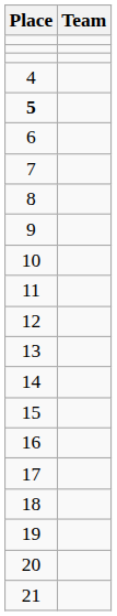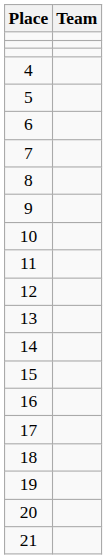 <table class="wikitable">
 <tr>
 <th>Place</th>
 <th>Team</th>
 </tr>
 <tr>
 <td align=center></td>
 <td></td>
 </tr>
 <tr>
 <td align=center></td>
 <td></td>
 </tr>
 <tr>
 <td align=center></td>
 <td></td>
 </tr>
 <tr>
 <td align=center>4</td>
 <td></td>
 </tr>
 <tr>
-<td align=center><strong>5</strong></td>
+<td align=center>5</td>
 <td></td>
 </tr>
 <tr>
 <td align=center>6</td>
 <td></td>
 </tr>
 <tr>
 <td align=center>7</td>
 <td></td>
 </tr>
 <tr>
 <td align=center>8</td>
 <td></td>
 </tr>
 <tr>
 <td align=center>9</td>
 <td></td>
 </tr>
 <tr>
 <td align=center>10</td>
 <td></td>
 </tr>
 <tr>
 <td align=center>11</td>
 <td></td>
 </tr>
 <tr>
 <td align=center>12</td>
 <td></td>
 </tr>
 <tr>
 <td align=center>13</td>
 <td></td>
 </tr>
 <tr>
 <td align=center>14</td>
 <td></td>
 </tr>
 <tr>
 <td align=center>15</td>
 <td></td>
 </tr>
 <tr>
 <td align=center>16</td>
 <td></td>
 </tr>
 <tr>
 <td align=center>17</td>
 <td></td>
 </tr>
 <tr>
 <td align=center>18</td>
 <td></td>
 </tr>
 <tr>
 <td align=center>19</td>
 <td></td>
 </tr>
 <tr>
 <td align=center>20</td>
 <td></td>
 </tr>
 <tr>
 <td align=center>21</td>
 <td></td>
 </tr>
 </table>
